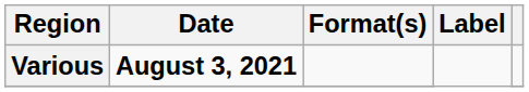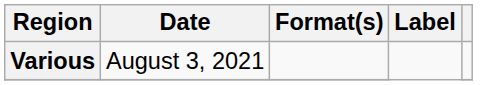 <table class="wikitable plainrowheaders">
 <tr>
 <th scope="col">Region</th>
 <th scope="col">Date</th>
 <th scope="col">Format(s)</th>
 <th scope="col">Label</th>
 <th scope="col"></th>
 </tr>
 <tr>
 <th scope="row">Various</th>
-<td><strong>August 3, 2021</strong></td>
+<td>August 3, 2021</td>
 <td></td>
 <td rowspan=2></td>
 <td align="center"></td>
 </tr>
 <tr>
 </tr>
 </table>
